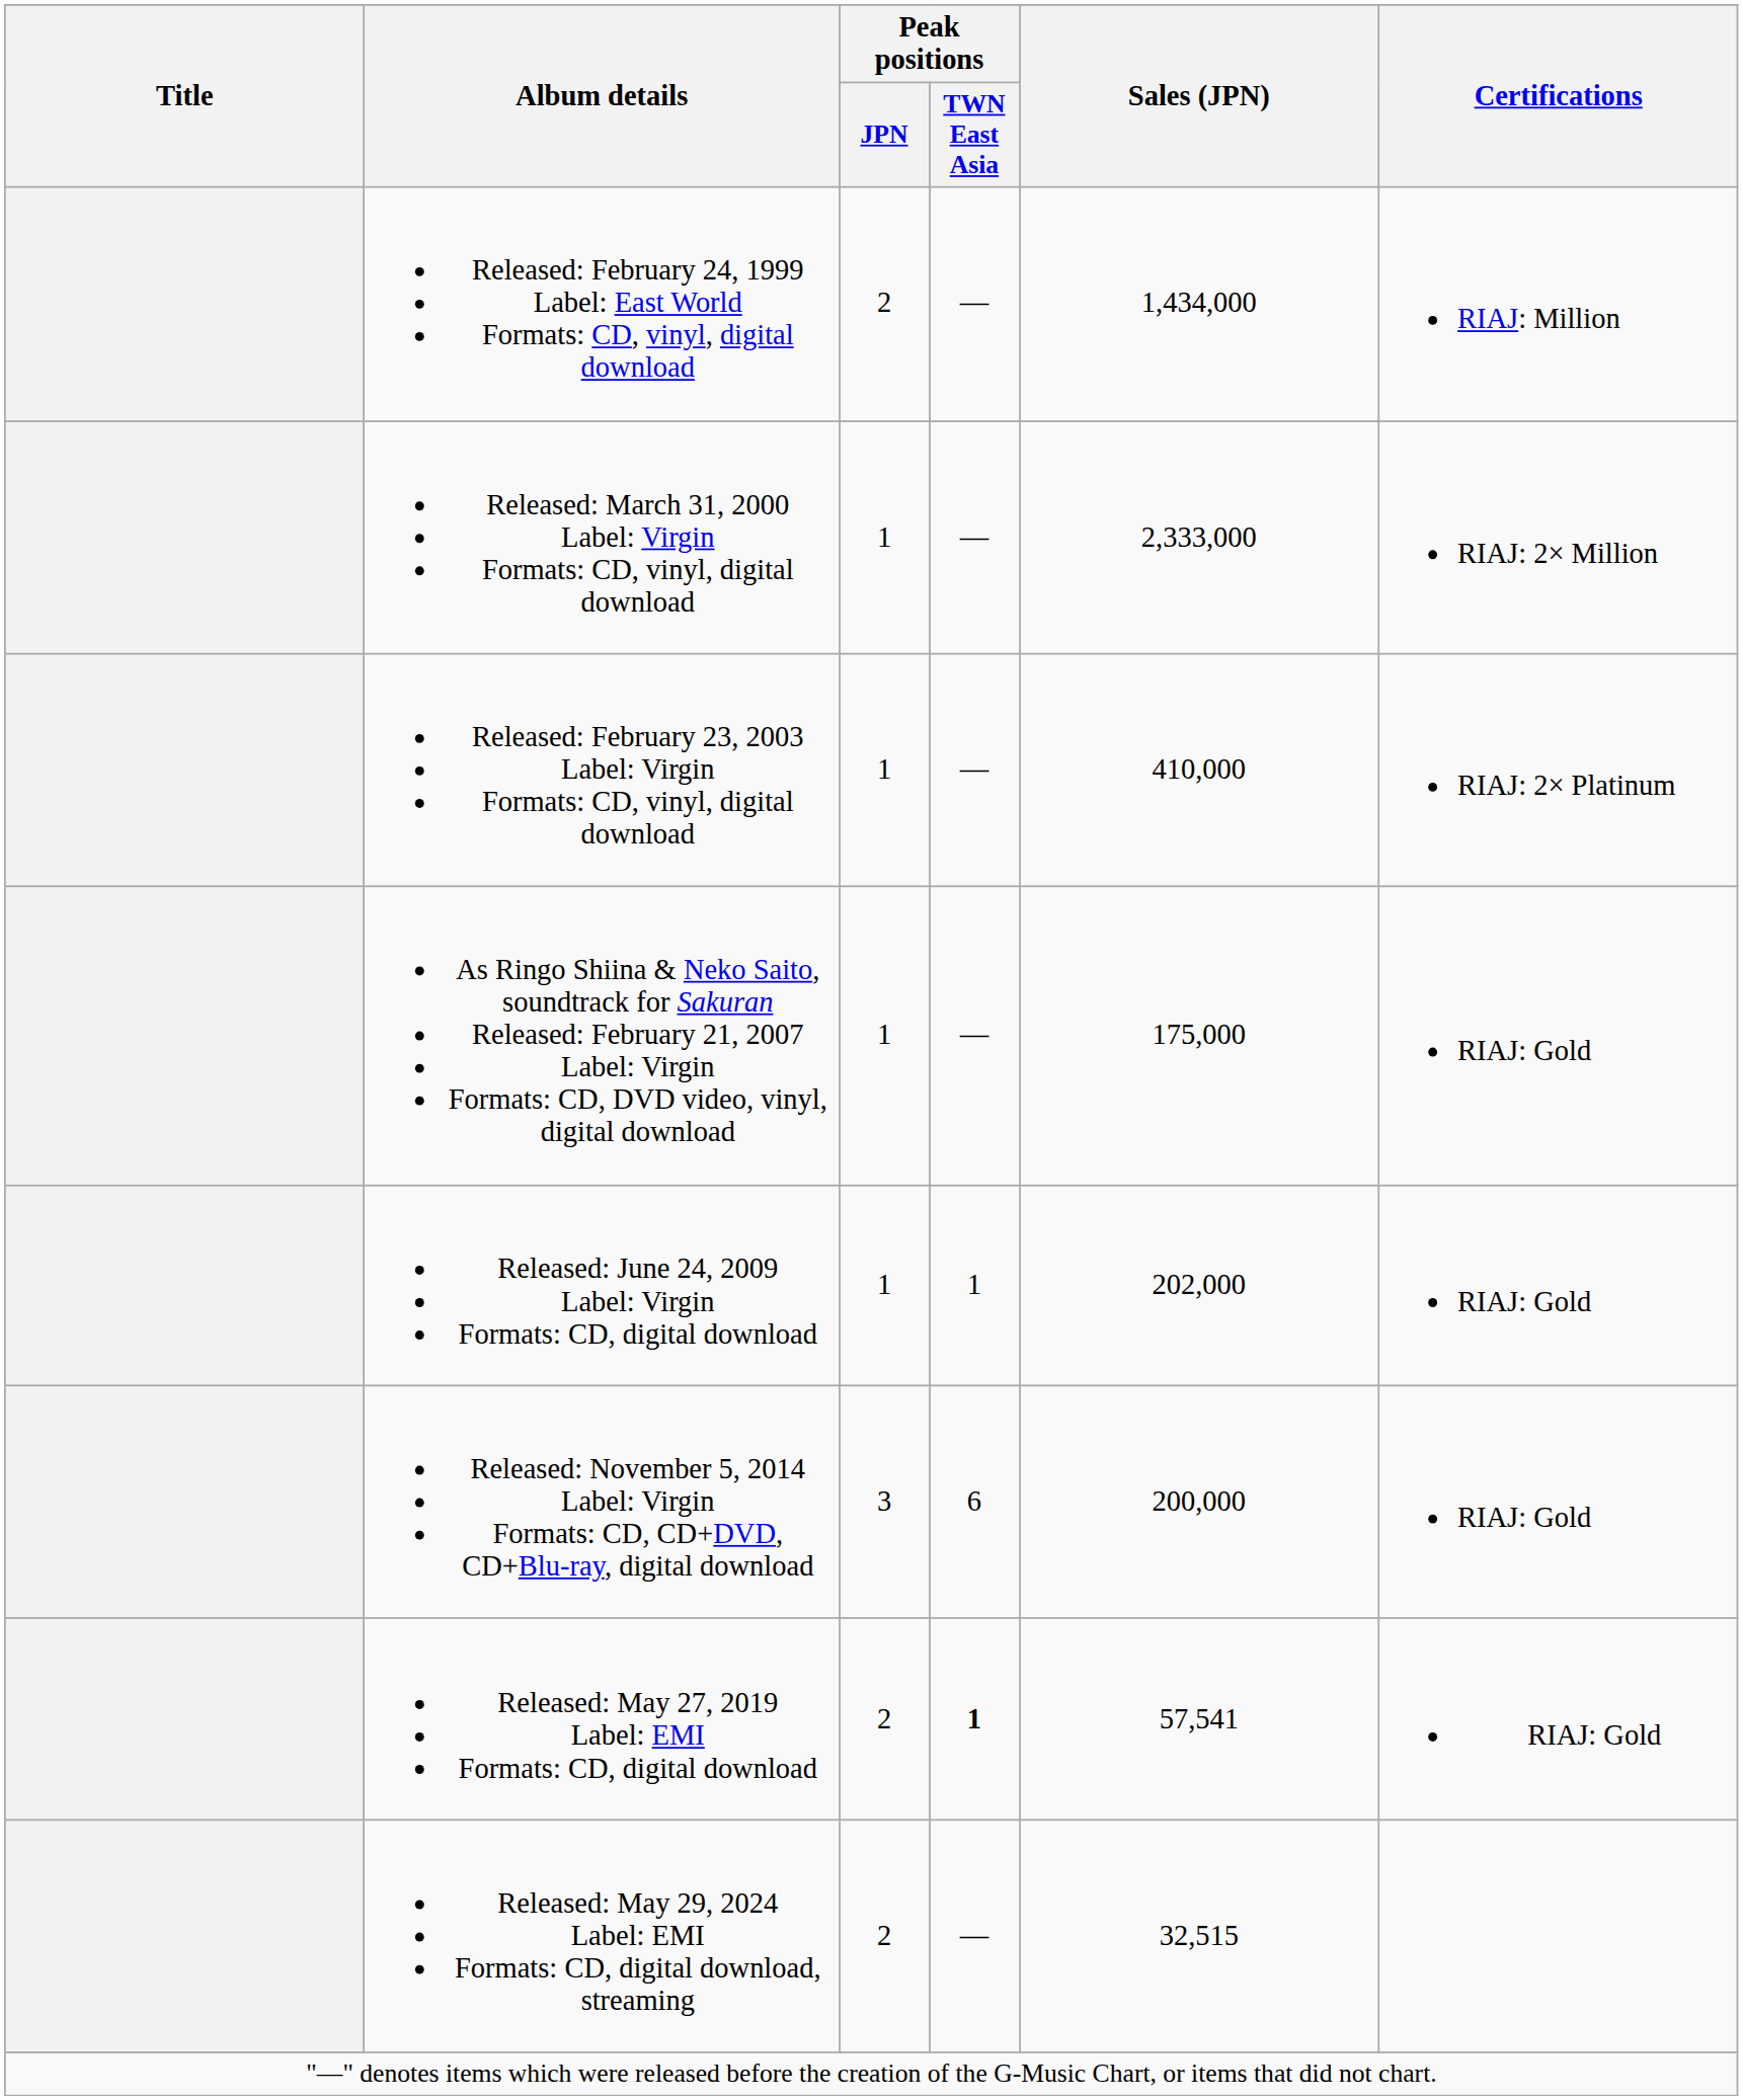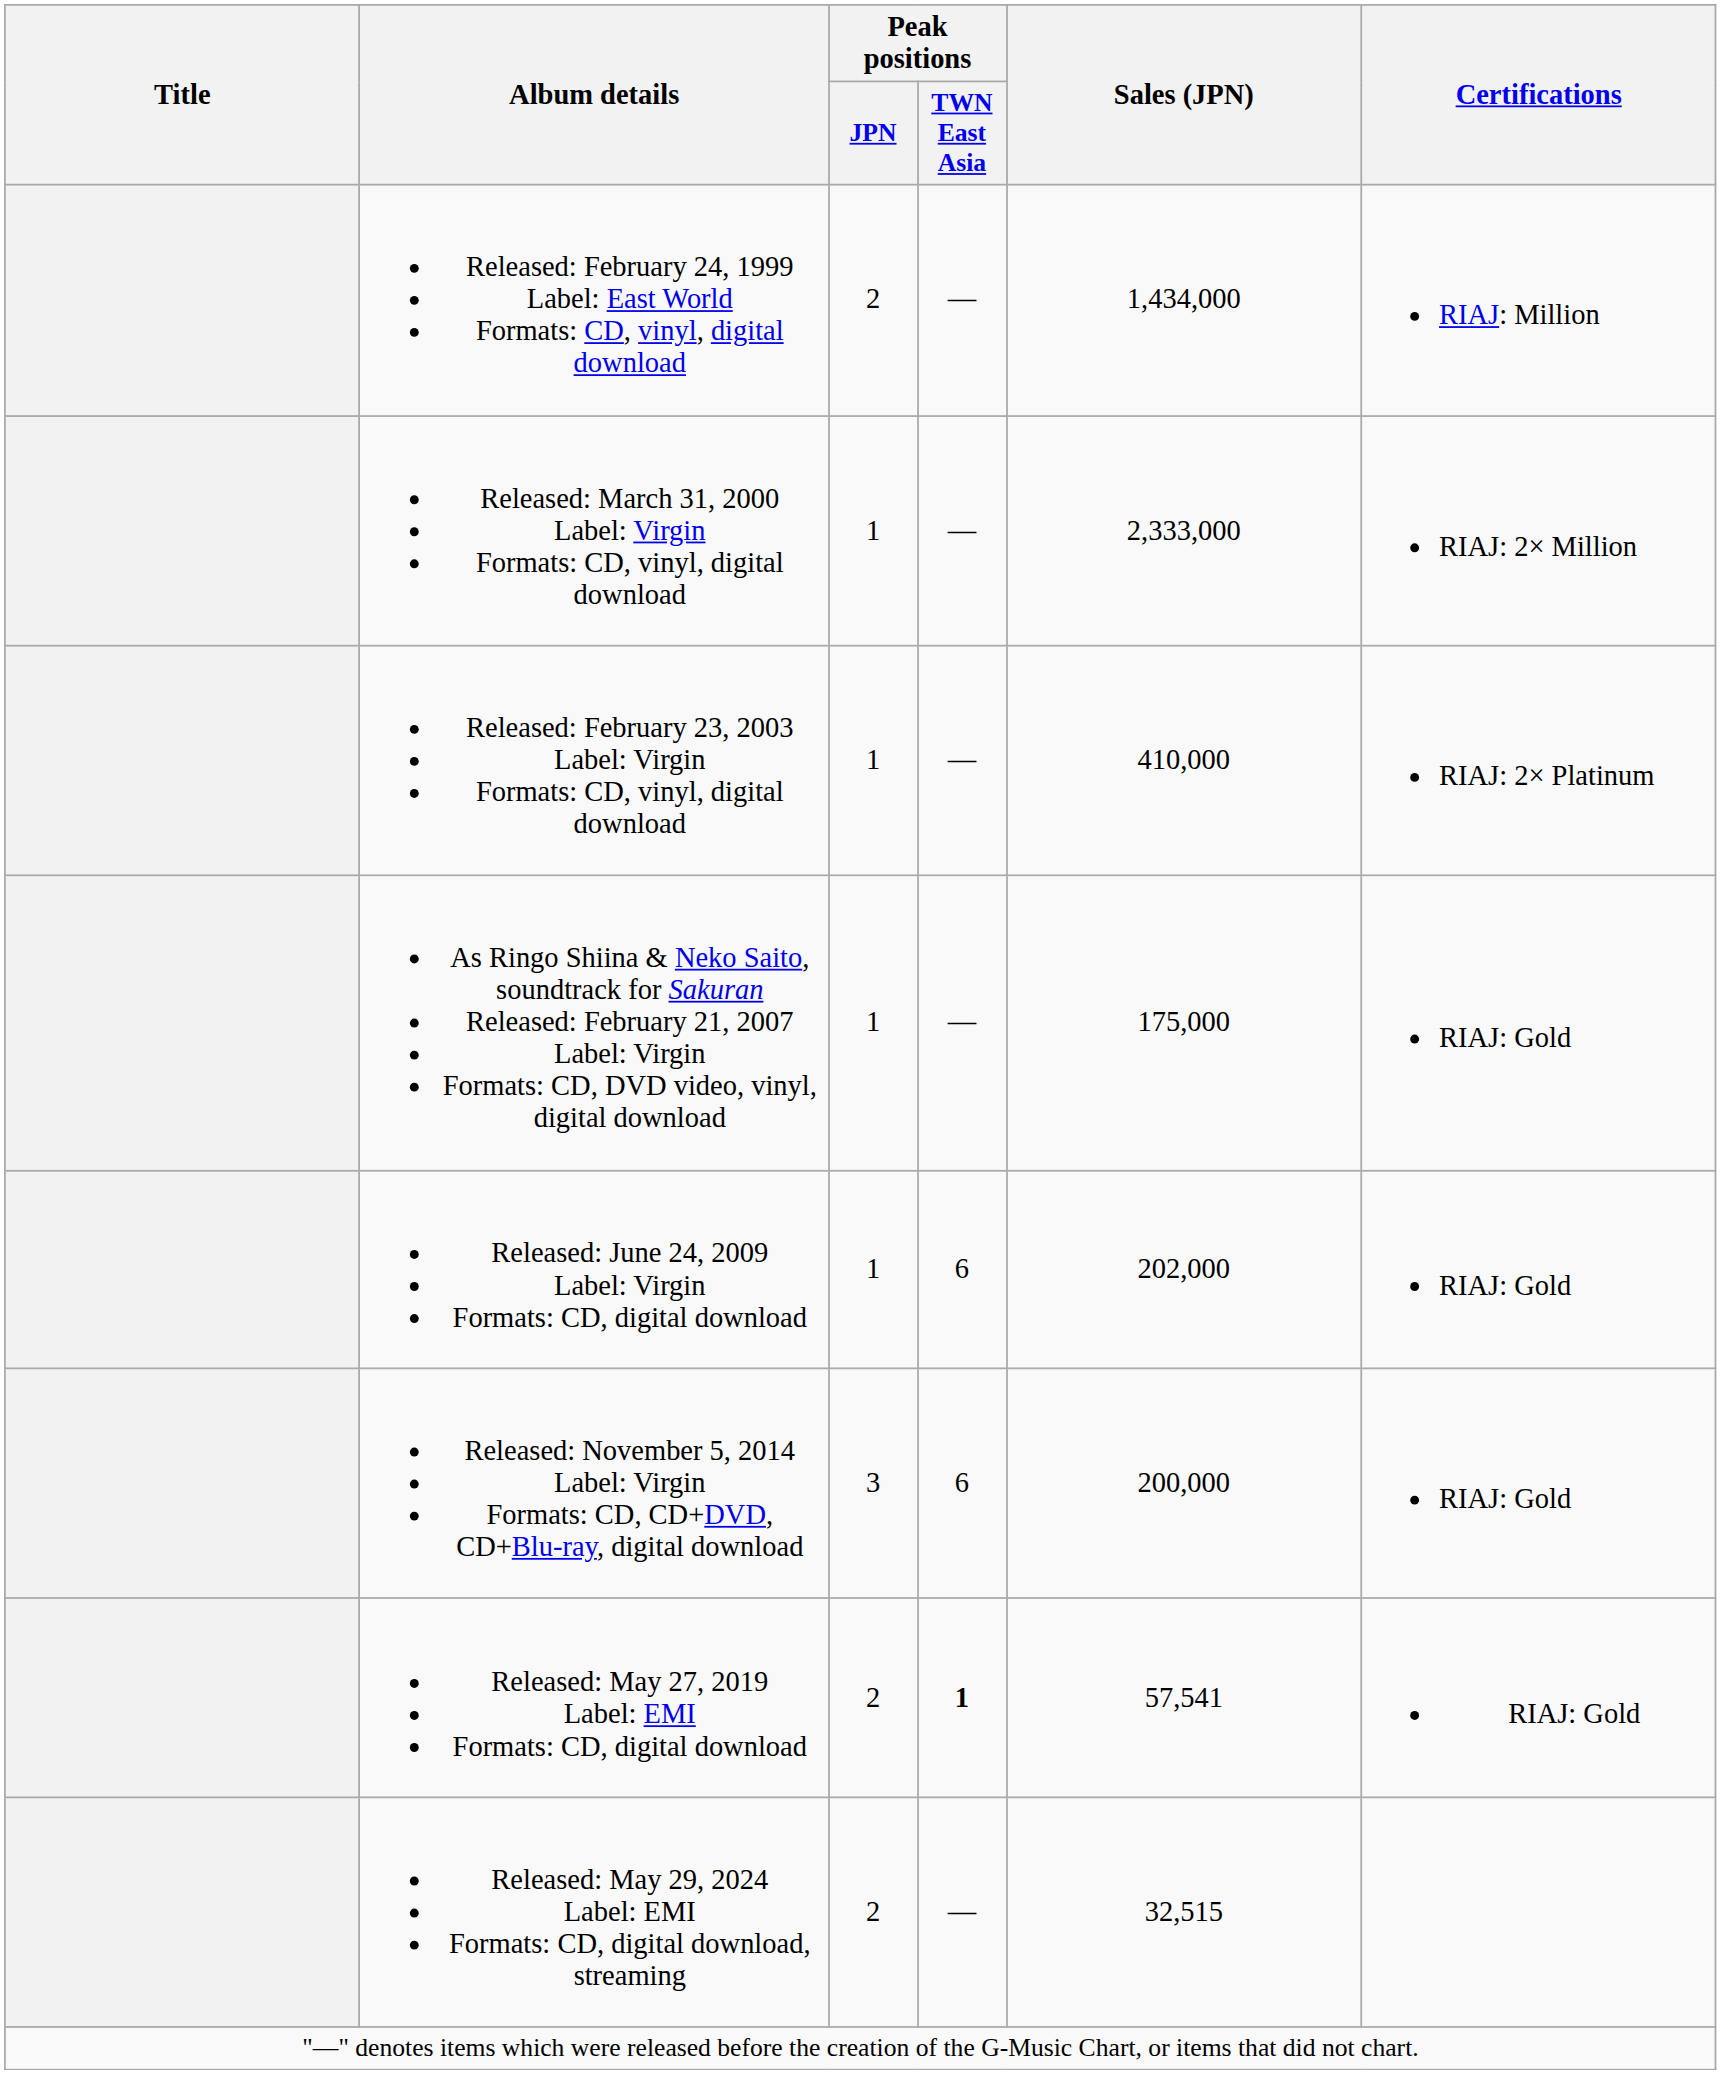 <table class="wikitable plainrowheaders" style="text-align:center;">
 <tr>
 <th style="width:12em;" rowspan="2">Title</th>
 <th style="width:16em;" rowspan="2">Album details</th>
 <th colspan="2">Peak positions</th>
 <th style="width:12em;" rowspan="2">Sales (JPN)</th>
 <th style="width:12em;" rowspan="2"><a href='#'>Certifications</a></th>
 </tr>
 <tr>
 <th scope="col" style="width:3em;font-size:90%;"><a href='#'>JPN</a><br></th>
 <th scope="col" style="width:3em;font-size:90%;"><a href='#'>TWN East Asia</a><br></th>
 </tr>
 <tr>
 <th scope="row"></th>
 <td><br><ul><li>Released: February 24, 1999 </li><li>Label: <a href='#'>East World</a></li><li>Formats: <a href='#'>CD</a>, <a href='#'>vinyl</a>, <a href='#'>digital download</a></li></ul></td>
 <td>2</td>
 <td>—</td>
 <td>1,434,000</td>
 <td align="left"><br><ul><li><a href='#'>RIAJ</a>: Million</li></ul></td>
 </tr>
 <tr>
 <th scope="row"></th>
 <td><br><ul><li>Released: March 31, 2000 </li><li>Label: <a href='#'>Virgin</a></li><li>Formats: CD, vinyl, digital download</li></ul></td>
 <td>1</td>
 <td>—</td>
 <td>2,333,000</td>
 <td align="left"><br><ul><li>RIAJ: 2× Million</li></ul></td>
 </tr>
 <tr>
 <th scope="row"></th>
 <td><br><ul><li>Released: February 23, 2003 </li><li>Label: Virgin</li><li>Formats: CD, vinyl, digital download</li></ul></td>
 <td>1</td>
 <td>—</td>
 <td>410,000</td>
 <td align="left"><br><ul><li>RIAJ: 2× Platinum</li></ul></td>
 </tr>
 <tr>
 <th scope="row"></th>
 <td><br><ul><li>As Ringo Shiina & <a href='#'>Neko Saito</a>, soundtrack for <em><a href='#'>Sakuran</a></em></li><li>Released: February 21, 2007 </li><li>Label: Virgin</li><li>Formats: CD, DVD video, vinyl, digital download</li></ul></td>
 <td>1</td>
 <td>—</td>
 <td>175,000</td>
 <td align="left"><br><ul><li>RIAJ: Gold</li></ul></td>
 </tr>
 <tr>
 <th scope="row"></th>
 <td><br><ul><li>Released: June 24, 2009 </li><li>Label: Virgin</li><li>Formats: CD, digital download</li></ul></td>
 <td>1</td>
-<td>1</td>
+<td>6</td>
 <td>202,000</td>
 <td align="left"><br><ul><li>RIAJ: Gold</li></ul></td>
 </tr>
 <tr>
 <th scope="row"></th>
 <td><br><ul><li>Released: November 5, 2014 </li><li>Label: Virgin</li><li>Formats: CD, CD+<a href='#'>DVD</a>, CD+<a href='#'>Blu-ray</a>, digital download</li></ul></td>
 <td>3</td>
 <td>6</td>
 <td>200,000</td>
 <td align="left"><br><ul><li>RIAJ: Gold</li></ul></td>
 </tr>
 <tr>
 <th scope="row"></th>
 <td><br><ul><li>Released: May 27, 2019 </li><li>Label: <a href='#'>EMI</a></li><li>Formats: CD, digital download</li></ul></td>
 <td>2</td>
 <td><strong>1</strong></td>
 <td>57,541</td>
 <td><br><ul><li>RIAJ: Gold</li></ul></td>
 </tr>
 <tr>
 <th scope="row"></th>
 <td><br><ul><li>Released: May 29, 2024</li><li>Label: EMI</li><li>Formats: CD, digital download, streaming</li></ul></td>
 <td>2</td>
 <td>—</td>
 <td>32,515</td>
 <td></td>
 </tr>
 <tr>
 <td colspan="12" align="center" style="font-size:90%;">"—" denotes items which were released before the creation of the G-Music Chart, or items that did not chart.</td>
 </tr>
 </table>
